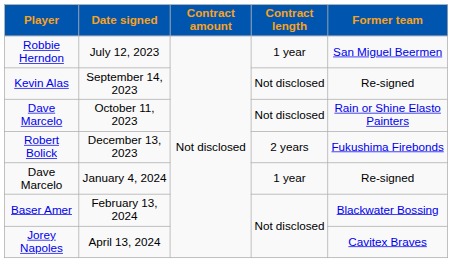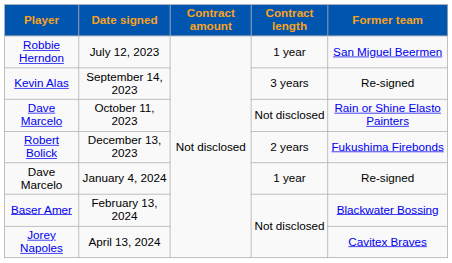 <table class="wikitable sortable sortable">
 <tr>
 <th style="background:#0055AF; color:#F9A21D; ">Player</th>
 <th style="background:#0055AF; color:#F9A21D; ">Date signed</th>
 <th style="background:#0055AF; color:#F9A21D; ">Contract amount</th>
 <th style="background:#0055AF; color:#F9A21D; ">Contract length</th>
 <th style="background:#0055AF; color:#F9A21D; ">Former team</th>
 </tr>
 <tr>
 <td align=center><a href='#'>Robbie Herndon</a></td>
 <td align=center>July 12, 2023</td>
 <td align=center rowspan=7>Not disclosed</td>
 <td align=center>1 year</td>
 <td align=center><a href='#'>San Miguel Beermen</a></td>
 </tr>
 <tr>
 <td align=center><a href='#'>Kevin Alas</a></td>
 <td align=center>September 14, 2023</td>
-<td align=center>Not disclosed</td>
+<td align=center>3 years</td>
 <td align=center>Re-signed</td>
 </tr>
 <tr>
 <td align=center><a href='#'>Dave Marcelo</a></td>
 <td align=center>October 11, 2023</td>
 <td align=center>Not disclosed</td>
 <td align=center><a href='#'>Rain or Shine Elasto Painters</a></td>
 </tr>
 <tr>
 <td align=center><a href='#'>Robert Bolick</a></td>
 <td align=center>December 13, 2023</td>
 <td align=center>2 years</td>
 <td align=center><a href='#'>Fukushima Firebonds</a> </td>
 </tr>
 <tr>
 <td align=center>Dave Marcelo</td>
 <td align=center>January 4, 2024</td>
 <td align=center>1 year</td>
 <td align=center>Re-signed</td>
 </tr>
 <tr>
 <td align=center><a href='#'>Baser Amer</a></td>
 <td align=center>February 13, 2024</td>
 <td align=center rowspan=2>Not disclosed</td>
 <td align=center><a href='#'>Blackwater Bossing</a></td>
 </tr>
 <tr>
 <td align=center><a href='#'>Jorey Napoles</a></td>
 <td align=center>April 13, 2024</td>
 <td align=center><a href='#'>Cavitex Braves</a> </td>
 </tr>
 </table>
